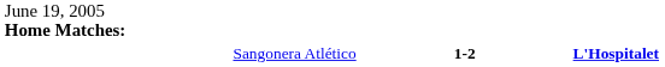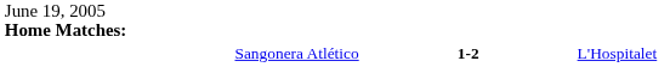 <table width=100% cellspacing=1>
 <tr>
 <th width=20%></th>
 <th width=12%></th>
 <th width=20%></th>
 <th></th>
 </tr>
 <tr>
 <td>June 19, 2005<br><strong>Home Matches:</strong></td>
 </tr>
 <tr style=font-size:90%>
 <td align=right><a href='#'>Sangonera Atlético</a></td>
 <td align=center><strong>1-2</strong></td>
-<td><strong><a href='#'>L'Hospitalet</a></strong></td>
+<td><a href='#'>L'Hospitalet</a></td>
 </tr>
 </table>
